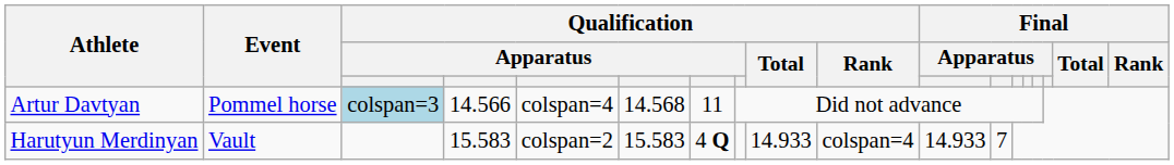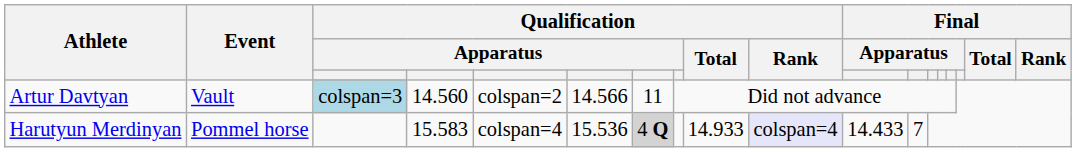 <table class="wikitable" style="font-size:90%">
 <tr>
 <th rowspan=3>Athlete</th>
 <th rowspan=3>Event</th>
 <th colspan =8>Qualification</th>
 <th colspan =8>Final</th>
 </tr>
 <tr style="font-size:95%">
 <th colspan=6>Apparatus</th>
 <th rowspan=2>Total</th>
 <th rowspan=2>Rank</th>
 <th colspan=6>Apparatus</th>
 <th rowspan=2>Total</th>
 <th rowspan=2>Rank</th>
 </tr>
 <tr style="font-size:95%">
 <th></th>
 <th></th>
 <th></th>
 <th></th>
 <th></th>
 <th></th>
 <th></th>
 <th></th>
 <th></th>
 <th></th>
 <th></th>
 <th></th>
 </tr>
 <tr align=center>
 <td align=left><a href='#'>Artur Davtyan</a></td>
-<td align=left><a href='#'>Pommel horse</a></td>
+<td align=left><a href='#'>Vault</a></td>
 <td style="background: lightblue;">colspan=3 </td>
+<td>14.560</td>
+<td>colspan=2 </td>
 <td>14.566</td>
-<td>colspan=4 </td>
-<td>14.568</td>
 <td>11</td>
 <td colspan=8>Did not advance</td>
 </tr>
 <tr align=center>
 <td align=left><a href='#'>Harutyun Merdinyan</a></td>
-<td align=left><a href='#'>Vault</a></td>
+<td align=left><a href='#'>Pommel horse</a></td>
 <td></td>
 <td>15.583</td>
-<td>colspan=2 </td>
-<td>15.583</td>
-<td>4 <strong>Q</strong></td>
+<td>colspan=4 </td>
+<td>15.536</td>
+<td style="background: lightgrey;">4 <strong>Q</strong></td>
 <td></td>
 <td>14.933</td>
-<td>colspan=4 </td>
-<td>14.933</td>
+<td style="background: lavender;">colspan=4 </td>
+<td>14.433</td>
 <td>7</td>
 </tr>
 </table>
